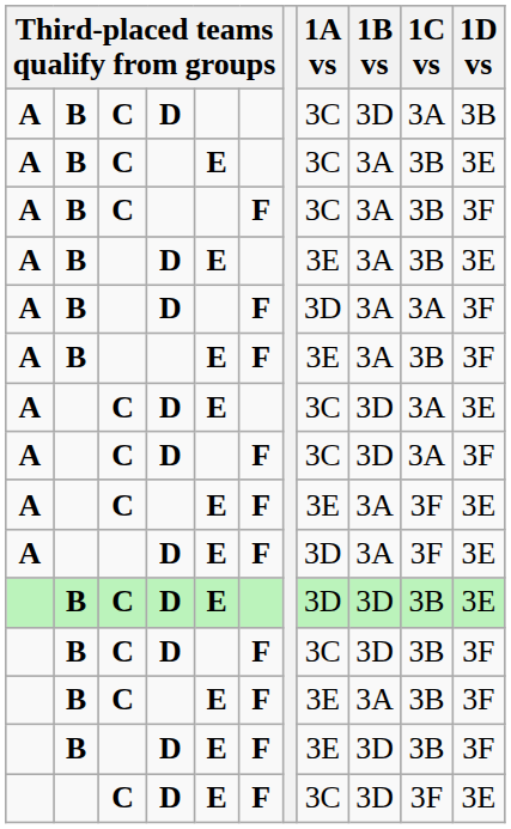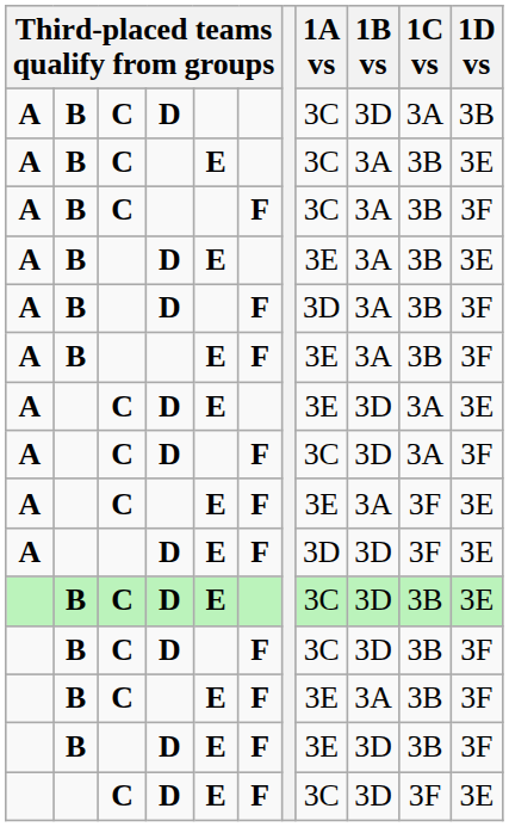 <table class="wikitable" style="text-align:center">
 <tr>
 <th colspan=6>Third-placed teams<br>qualify from groups</th>
 <th rowspan=16></th>
 <th>1A<br>vs</th>
 <th>1B<br>vs</th>
 <th>1C<br>vs</th>
 <th>1D<br>vs</th>
 </tr>
 <tr>
 <td><strong>A</strong></td>
 <td><strong>B</strong></td>
 <td><strong>C</strong></td>
 <td><strong>D</strong></td>
 <td></td>
 <td></td>
 <td>3C</td>
 <td>3D</td>
 <td>3A</td>
 <td>3B</td>
 </tr>
 <tr>
 <td><strong>A</strong></td>
 <td><strong>B</strong></td>
 <td><strong>C</strong></td>
 <td></td>
 <td><strong>E</strong></td>
 <td></td>
 <td>3C</td>
 <td>3A</td>
 <td>3B</td>
 <td>3E</td>
 </tr>
 <tr>
 <td><strong>A</strong></td>
 <td><strong>B</strong></td>
 <td><strong>C</strong></td>
 <td></td>
 <td></td>
 <td><strong>F</strong></td>
 <td>3C</td>
 <td>3A</td>
 <td>3B</td>
 <td>3F</td>
 </tr>
 <tr>
 <td><strong>A</strong></td>
 <td><strong>B</strong></td>
 <td></td>
 <td><strong>D</strong></td>
 <td><strong>E</strong></td>
 <td></td>
 <td>3E</td>
 <td>3A</td>
 <td>3B</td>
 <td>3E</td>
 </tr>
 <tr>
 <td><strong>A</strong></td>
 <td><strong>B</strong></td>
 <td></td>
 <td><strong>D</strong></td>
 <td></td>
 <td><strong>F</strong></td>
 <td>3D</td>
 <td>3A</td>
-<td>3A</td>
+<td>3B</td>
 <td>3F</td>
 </tr>
 <tr>
 <td><strong>A</strong></td>
 <td><strong>B</strong></td>
 <td></td>
 <td></td>
 <td><strong>E</strong></td>
 <td><strong>F</strong></td>
 <td>3E</td>
 <td>3A</td>
 <td>3B</td>
 <td>3F</td>
 </tr>
 <tr>
 <td><strong>A</strong></td>
 <td></td>
 <td><strong>C</strong></td>
 <td><strong>D</strong></td>
 <td><strong>E</strong></td>
 <td></td>
-<td>3C</td>
+<td>3E</td>
 <td>3D</td>
 <td>3A</td>
 <td>3E</td>
 </tr>
 <tr>
 <td><strong>A</strong></td>
 <td></td>
 <td><strong>C</strong></td>
 <td><strong>D</strong></td>
 <td></td>
 <td><strong>F</strong></td>
 <td>3C</td>
 <td>3D</td>
 <td>3A</td>
 <td>3F</td>
 </tr>
 <tr>
 <td><strong>A</strong></td>
 <td></td>
 <td><strong>C</strong></td>
 <td></td>
 <td><strong>E</strong></td>
 <td><strong>F</strong></td>
 <td>3E</td>
 <td>3A</td>
 <td>3F</td>
 <td>3E</td>
 </tr>
 <tr>
 <td><strong>A</strong></td>
 <td></td>
 <td></td>
 <td><strong>D</strong></td>
 <td><strong>E</strong></td>
 <td><strong>F</strong></td>
 <td>3D</td>
-<td>3A</td>
+<td>3D</td>
 <td>3F</td>
 <td>3E</td>
 </tr>
 <tr style="background:#BBF3BB;">
 <td></td>
 <td><strong>B</strong></td>
 <td><strong>C</strong></td>
 <td><strong>D</strong></td>
 <td><strong>E</strong></td>
 <td></td>
-<td>3D</td>
+<td>3C</td>
 <td>3D</td>
 <td>3B</td>
 <td>3E</td>
 </tr>
 <tr>
 <td></td>
 <td><strong>B</strong></td>
 <td><strong>C</strong></td>
 <td><strong>D</strong></td>
 <td></td>
 <td><strong>F</strong></td>
 <td>3C</td>
 <td>3D</td>
 <td>3B</td>
 <td>3F</td>
 </tr>
 <tr>
 <td></td>
 <td><strong>B</strong></td>
 <td><strong>C</strong></td>
 <td></td>
 <td><strong>E</strong></td>
 <td><strong>F</strong></td>
 <td>3E</td>
 <td>3A</td>
 <td>3B</td>
 <td>3F</td>
 </tr>
 <tr>
 <td></td>
 <td><strong>B</strong></td>
 <td></td>
 <td><strong>D</strong></td>
 <td><strong>E</strong></td>
 <td><strong>F</strong></td>
 <td>3E</td>
 <td>3D</td>
 <td>3B</td>
 <td>3F</td>
 </tr>
 <tr>
 <td></td>
 <td></td>
 <td><strong>C</strong></td>
 <td><strong>D</strong></td>
 <td><strong>E</strong></td>
 <td><strong>F</strong></td>
 <td>3C</td>
 <td>3D</td>
 <td>3F</td>
 <td>3E</td>
 </tr>
 </table>
